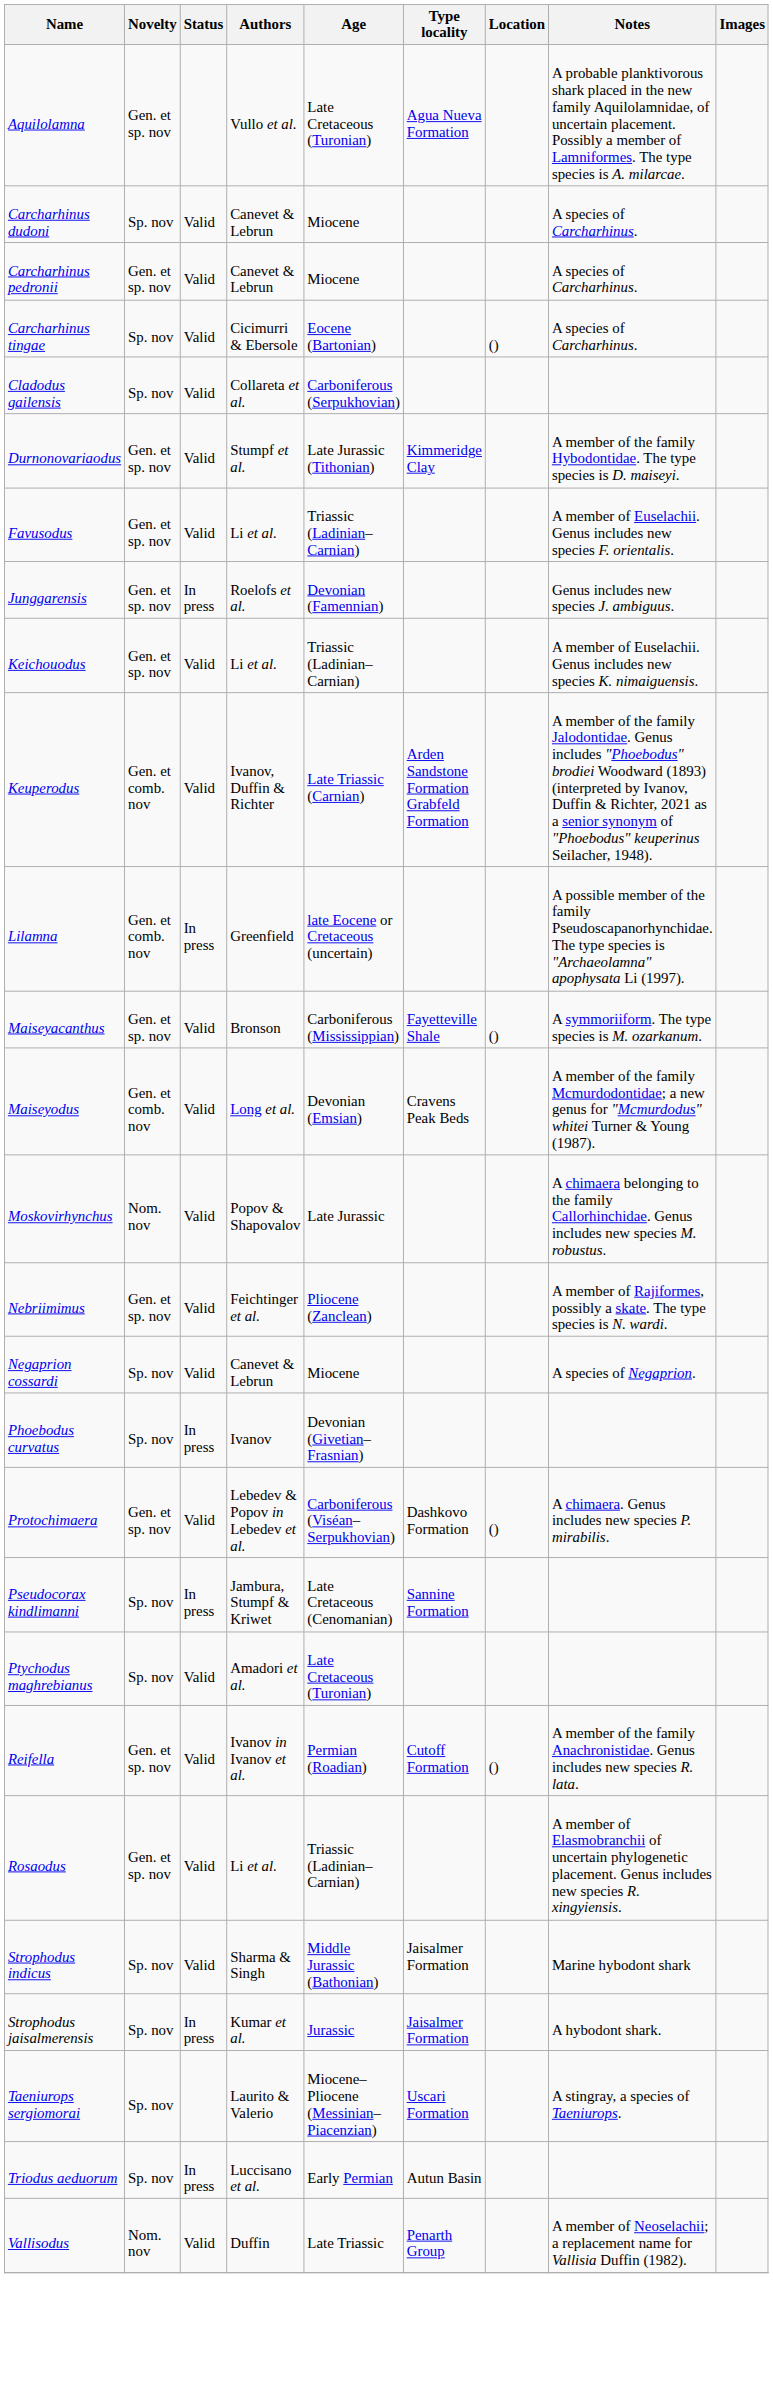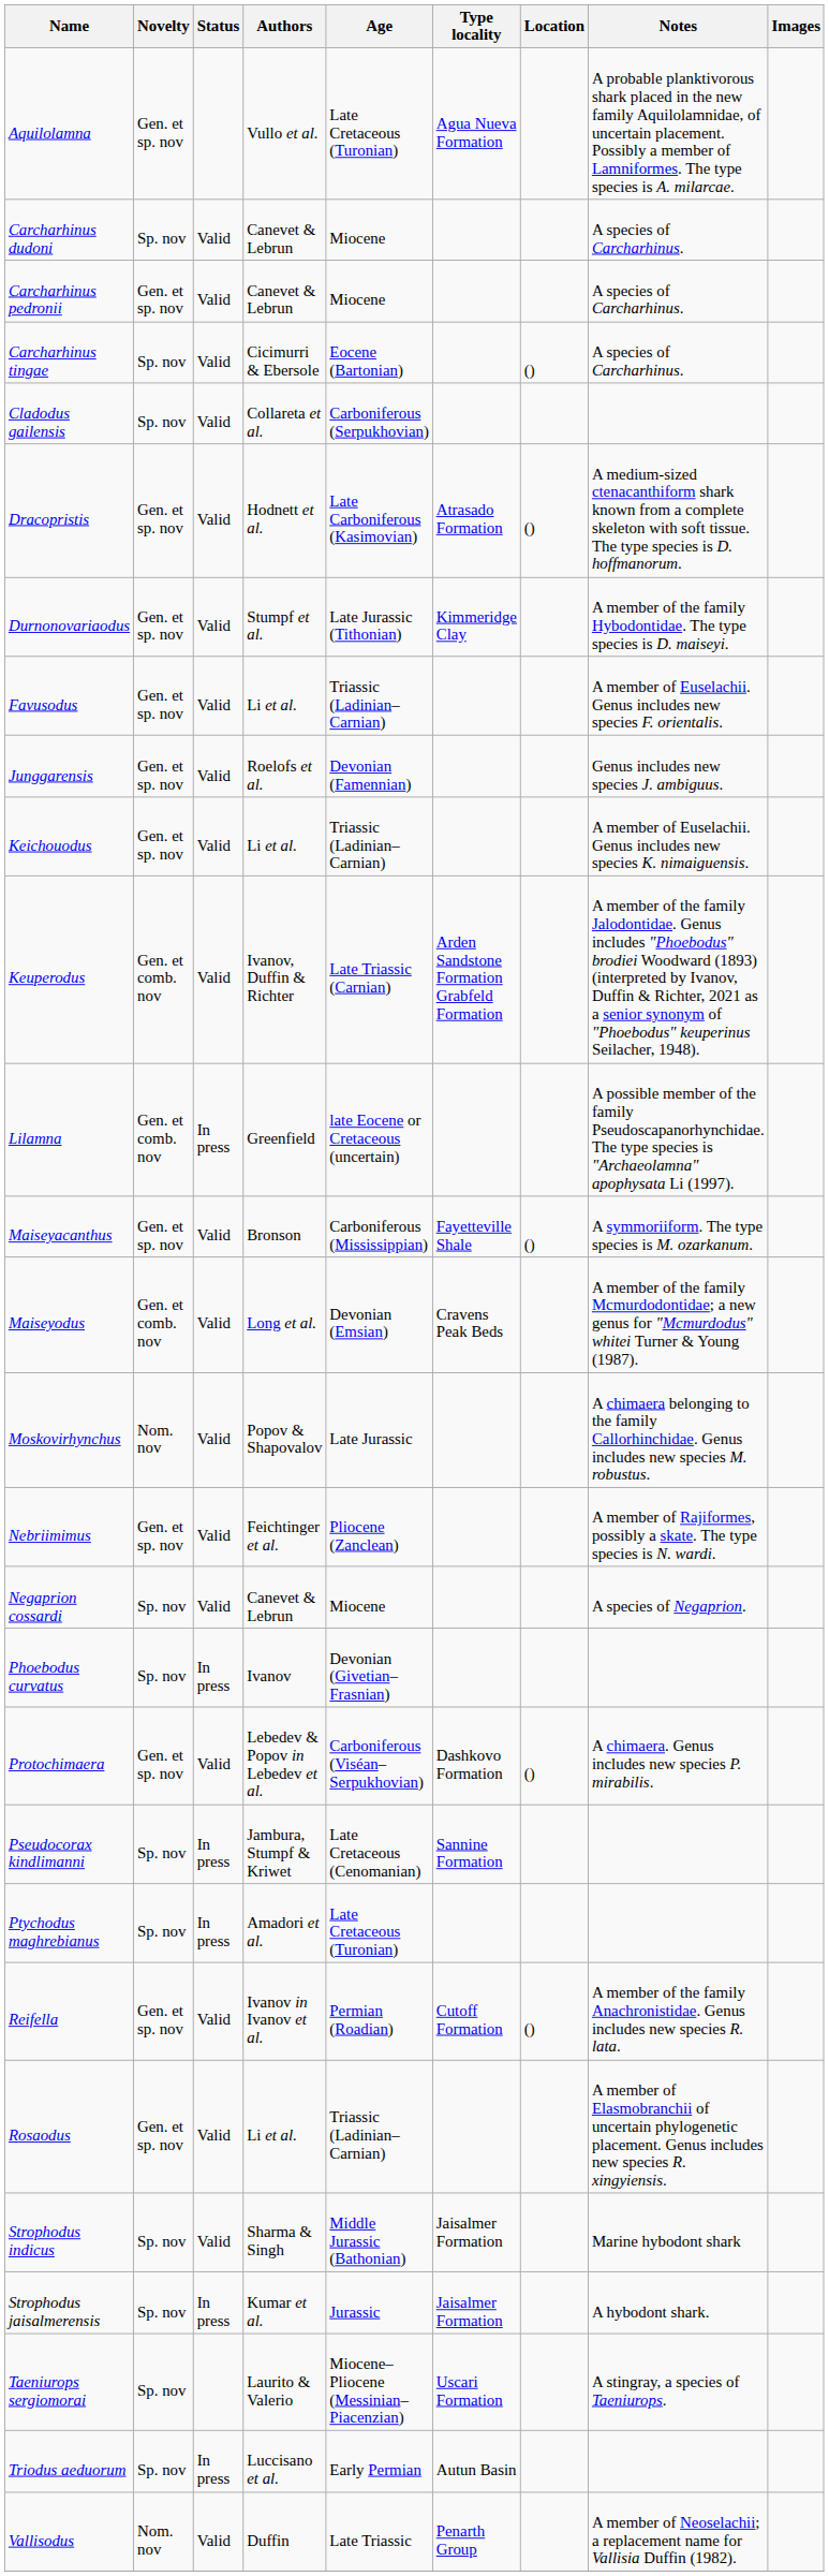 <table class="wikitable sortable" align="center" width="100%">
 <tr>
 <th>Name</th>
 <th>Novelty</th>
 <th>Status</th>
 <th>Authors</th>
 <th>Age</th>
 <th>Type locality</th>
 <th>Location</th>
 <th>Notes</th>
 <th>Images</th>
 </tr>
 <tr>
 <td><br><em><a href='#'>Aquilolamna</a></em></td>
 <td><br>Gen. et sp. nov</td>
 <td></td>
 <td><br>Vullo <em>et al.</em></td>
 <td><br>Late Cretaceous (<a href='#'>Turonian</a>)</td>
 <td><br><a href='#'>Agua Nueva Formation</a></td>
 <td><br></td>
 <td><br>A probable planktivorous shark placed in the new family Aquilolamnidae, of uncertain  placement. Possibly a member of <a href='#'>Lamniformes</a>. The type species is <em>A. milarcae</em>.</td>
 <td></td>
 </tr>
 <tr>
 <td><br><em><a href='#'>Carcharhinus dudoni</a></em></td>
 <td><br>Sp. nov</td>
 <td><br>Valid</td>
 <td><br>Canevet & Lebrun</td>
 <td><br>Miocene</td>
 <td></td>
 <td><br></td>
 <td><br>A species of <em><a href='#'>Carcharhinus</a></em>.</td>
 <td></td>
 </tr>
 <tr>
 <td><br><em><a href='#'>Carcharhinus pedronii</a></em></td>
 <td><br>Gen. et sp. nov</td>
 <td><br>Valid</td>
 <td><br>Canevet & Lebrun</td>
 <td><br>Miocene</td>
 <td></td>
 <td><br></td>
 <td><br>A species of <em>Carcharhinus</em>.</td>
 <td></td>
 </tr>
 <tr>
 <td><br><em><a href='#'>Carcharhinus tingae</a></em></td>
 <td><br>Sp. nov</td>
 <td><br>Valid</td>
 <td><br>Cicimurri & Ebersole</td>
 <td><br><a href='#'>Eocene</a> (<a href='#'>Bartonian</a>)</td>
 <td></td>
 <td><br><br>()</td>
 <td><br>A species of <em>Carcharhinus</em>.</td>
 <td></td>
 </tr>
 <tr>
 <td><br><em><a href='#'>Cladodus gailensis</a></em></td>
 <td><br>Sp. nov</td>
 <td><br>Valid</td>
 <td><br>Collareta <em>et al.</em></td>
 <td><br><a href='#'>Carboniferous</a> (<a href='#'>Serpukhovian</a>)</td>
 <td></td>
 <td><br></td>
 <td></td>
 <td></td>
 </tr>
 <tr>
+<td><br><em><a href='#'>Dracopristis</a></em></td>
+<td><br>Gen. et sp. nov</td>
+<td><br>Valid</td>
+<td><br>Hodnett <em>et al.</em></td>
+<td><br><a href='#'>Late Carboniferous</a> (<a href='#'>Kasimovian</a>)</td>
+<td><br><a href='#'>Atrasado Formation</a></td>
+<td><br><br>()</td>
+<td><br>A medium-sized <a href='#'>ctenacanthiform</a> shark known from a complete skeleton with soft tissue. The type species is <em>D. hoffmanorum</em>.</td>
+<td></td>
+</tr>
+<tr>
 <td><br><em><a href='#'>Durnonovariaodus</a></em></td>
 <td><br>Gen. et sp. nov</td>
 <td><br>Valid</td>
 <td><br>Stumpf <em>et al.</em></td>
 <td><br>Late Jurassic (<a href='#'>Tithonian</a>)</td>
 <td><br><a href='#'>Kimmeridge Clay</a></td>
 <td><br></td>
 <td><br>A member of the family <a href='#'>Hybodontidae</a>. The type species is <em>D. maiseyi</em>.</td>
 <td></td>
 </tr>
 <tr>
 <td><br><em><a href='#'>Favusodus</a></em></td>
 <td><br>Gen. et sp. nov</td>
 <td><br>Valid</td>
 <td><br>Li <em>et al.</em></td>
 <td><br>Triassic (<a href='#'>Ladinian</a>–<a href='#'>Carnian</a>)</td>
 <td></td>
 <td><br></td>
 <td><br>A member of <a href='#'>Euselachii</a>. Genus includes new species <em>F. orientalis</em>.</td>
 <td></td>
 </tr>
 <tr>
 <td><br><em><a href='#'>Junggarensis</a></em></td>
 <td><br>Gen. et sp. nov</td>
-<td><br>In press</td>
+<td><br>Valid</td>
 <td><br>Roelofs <em>et al.</em></td>
 <td><br><a href='#'>Devonian</a> (<a href='#'>Famennian</a>)</td>
 <td></td>
 <td><br></td>
 <td><br>Genus includes new species <em>J. ambiguus</em>.</td>
 <td></td>
 </tr>
 <tr>
 <td><br><em><a href='#'>Keichouodus</a></em></td>
 <td><br>Gen. et sp. nov</td>
 <td><br>Valid</td>
 <td><br>Li <em>et al.</em></td>
 <td><br>Triassic (Ladinian–Carnian)</td>
 <td></td>
 <td><br></td>
 <td><br>A member of Euselachii. Genus includes new species <em>K. nimaiguensis</em>.</td>
 <td></td>
 </tr>
 <tr>
 <td><br><em><a href='#'>Keuperodus</a></em></td>
 <td><br>Gen. et comb. nov</td>
 <td><br>Valid</td>
 <td><br>Ivanov, Duffin & Richter</td>
 <td><br><a href='#'>Late Triassic</a> (<a href='#'>Carnian</a>)</td>
 <td><br><a href='#'>Arden Sandstone Formation</a><br> <a href='#'>Grabfeld Formation</a></td>
 <td><br><br> </td>
 <td><br>A member of the family <a href='#'>Jalodontidae</a>. Genus includes <em>"<a href='#'>Phoebodus</a>" brodiei</em> Woodward (1893) (interpreted by Ivanov, Duffin & Richter, 2021 as a <a href='#'>senior synonym</a> of <em>"Phoebodus" keuperinus</em> Seilacher, 1948).</td>
 <td></td>
 </tr>
 <tr>
 <td><br><em><a href='#'>Lilamna</a></em></td>
 <td><br>Gen. et comb. nov</td>
 <td><br>In press</td>
 <td><br>Greenfield</td>
 <td><br><a href='#'>late Eocene</a> or <a href='#'>Cretaceous</a> (uncertain)</td>
 <td></td>
 <td><br></td>
 <td><br>A possible member of the family Pseudoscapanorhynchidae. The type species is <em>"Archaeolamna" apophysata</em> Li (1997).</td>
 <td></td>
 </tr>
 <tr>
 <td><br><em><a href='#'>Maiseyacanthus</a></em></td>
 <td><br>Gen. et sp. nov</td>
 <td><br>Valid</td>
 <td><br>Bronson</td>
 <td><br>Carboniferous (<a href='#'>Mississippian</a>)</td>
 <td><br><a href='#'>Fayetteville Shale</a></td>
 <td><br><br>()</td>
 <td><br>A <a href='#'>symmoriiform</a>. The type species is <em>M. ozarkanum</em>.</td>
 <td></td>
 </tr>
 <tr>
 <td><br><em><a href='#'>Maiseyodus</a></em></td>
 <td><br>Gen. et comb. nov</td>
 <td><br>Valid</td>
 <td><br><a href='#'>Long</a> <em>et al.</em></td>
 <td><br>Devonian (<a href='#'>Emsian</a>)</td>
 <td><br>Cravens Peak Beds</td>
 <td><br></td>
 <td><br>A member of the family <a href='#'>Mcmurdodontidae</a>; a new genus for <em>"<a href='#'>Mcmurdodus</a>" whitei</em> Turner & Young (1987).</td>
 <td></td>
 </tr>
 <tr>
 <td><br><em><a href='#'>Moskovirhynchus</a></em></td>
 <td><br>Nom. nov</td>
 <td><br>Valid</td>
 <td><br>Popov & Shapovalov</td>
 <td><br>Late Jurassic</td>
 <td></td>
 <td><br></td>
 <td><br>A <a href='#'>chimaera</a> belonging to the family <a href='#'>Callorhinchidae</a>. Genus includes new species <em>M. robustus</em>.</td>
 <td></td>
 </tr>
 <tr>
 <td><br><em><a href='#'>Nebriimimus</a></em></td>
 <td><br>Gen. et sp. nov</td>
 <td><br>Valid</td>
 <td><br>Feichtinger <em>et al.</em></td>
 <td><br><a href='#'>Pliocene</a> (<a href='#'>Zanclean</a>)</td>
 <td></td>
 <td><br></td>
 <td><br>A member of <a href='#'>Rajiformes</a>, possibly a <a href='#'>skate</a>. The type species is <em>N. wardi</em>.</td>
 <td></td>
 </tr>
 <tr>
 <td><br><em><a href='#'>Negaprion cossardi</a></em></td>
 <td><br>Sp. nov</td>
 <td><br>Valid</td>
 <td><br>Canevet & Lebrun</td>
 <td><br>Miocene</td>
 <td></td>
 <td><br></td>
 <td><br>A species of <em><a href='#'>Negaprion</a></em>.</td>
 <td></td>
 </tr>
 <tr>
 <td><br><em><a href='#'>Phoebodus curvatus</a></em></td>
 <td><br>Sp. nov</td>
 <td><br>In press</td>
 <td><br>Ivanov</td>
 <td><br>Devonian (<a href='#'>Givetian</a>–<a href='#'>Frasnian</a>)</td>
 <td></td>
 <td><br><br> <br> </td>
 <td></td>
 <td></td>
 </tr>
 <tr>
 <td><br><em><a href='#'>Protochimaera</a></em></td>
 <td><br>Gen. et sp. nov</td>
 <td><br>Valid</td>
 <td><br>Lebedev & Popov <em>in</em> Lebedev <em>et al.</em></td>
 <td><br><a href='#'>Carboniferous</a> (<a href='#'>Viséan</a>–<a href='#'>Serpukhovian</a>)</td>
 <td><br>Dashkovo Formation</td>
 <td><br><br>()</td>
 <td><br>A <a href='#'>chimaera</a>. Genus includes new species <em>P. mirabilis</em>.</td>
 <td></td>
 </tr>
 <tr>
 <td><br><em><a href='#'>Pseudocorax kindlimanni</a></em></td>
 <td><br>Sp. nov</td>
 <td><br>In press</td>
 <td><br>Jambura, Stumpf & Kriwet</td>
 <td><br>Late Cretaceous (Cenomanian)</td>
 <td><br><a href='#'>Sannine Formation</a></td>
 <td><br></td>
 <td></td>
 <td></td>
 </tr>
 <tr>
 <td><br><em><a href='#'>Ptychodus maghrebianus</a></em></td>
 <td><br>Sp. nov</td>
-<td><br>Valid</td>
+<td><br>In press</td>
 <td><br>Amadori <em>et al.</em></td>
 <td><br><a href='#'>Late Cretaceous</a> (<a href='#'>Turonian</a>)</td>
 <td></td>
 <td><br></td>
 <td></td>
 <td></td>
 </tr>
 <tr>
 <td><br><em><a href='#'>Reifella</a></em></td>
 <td><br>Gen. et sp. nov</td>
 <td><br>Valid</td>
 <td><br>Ivanov <em>in</em> Ivanov <em>et al.</em></td>
 <td><br><a href='#'>Permian</a> (<a href='#'>Roadian</a>)</td>
 <td><br><a href='#'>Cutoff Formation</a></td>
 <td><br><br>()</td>
 <td><br>A member of the family <a href='#'>Anachronistidae</a>. Genus includes new species <em>R. lata</em>.</td>
 <td></td>
 </tr>
 <tr>
 <td><br><em><a href='#'>Rosaodus</a></em></td>
 <td><br>Gen. et sp. nov</td>
 <td><br>Valid</td>
 <td><br>Li <em>et al.</em></td>
 <td><br>Triassic (Ladinian–Carnian)</td>
 <td></td>
 <td><br></td>
 <td><br>A member of <a href='#'>Elasmobranchii</a> of uncertain phylogenetic placement. Genus includes new species <em>R. xingyiensis</em>.</td>
 <td></td>
 </tr>
 <tr>
 <td><br><em><a href='#'>Strophodus indicus</a></em></td>
 <td><br>Sp. nov</td>
 <td><br>Valid</td>
 <td><br>Sharma & Singh</td>
 <td><br><a href='#'>Middle Jurassic</a> (<a href='#'>Bathonian</a>)</td>
 <td>Jaisalmer Formation</td>
 <td><br></td>
 <td><br>Marine hybodont shark</td>
 <td></td>
 </tr>
 <tr>
 <td><br><em>Strophodus jaisalmerensis</em></td>
 <td><br>Sp. nov</td>
 <td><br>In press</td>
 <td><br>Kumar <em>et al.</em></td>
 <td><br><a href='#'>Jurassic</a></td>
 <td><br><a href='#'>Jaisalmer Formation</a></td>
 <td><br></td>
 <td><br>A hybodont shark.</td>
 <td></td>
 </tr>
 <tr>
 <td><br><em><a href='#'>Taeniurops sergiomorai</a></em></td>
 <td><br>Sp. nov</td>
 <td></td>
 <td><br>Laurito & Valerio</td>
 <td><br>Miocene–Pliocene (<a href='#'>Messinian</a>–<a href='#'>Piacenzian</a>)</td>
 <td><br><a href='#'>Uscari Formation</a></td>
 <td><br></td>
 <td><br>A stingray, a species of <em><a href='#'>Taeniurops</a></em>.</td>
 <td></td>
 </tr>
 <tr>
 <td><br><em><a href='#'>Triodus aeduorum</a></em></td>
 <td><br>Sp. nov</td>
 <td><br>In press</td>
 <td><br>Luccisano <em>et al.</em></td>
 <td><br>Early <a href='#'>Permian</a></td>
 <td><br>Autun Basin</td>
 <td><br></td>
 <td></td>
 <td></td>
 </tr>
 <tr>
 <td><br><em><a href='#'>Vallisodus</a></em></td>
 <td><br>Nom. nov</td>
 <td><br>Valid</td>
 <td><br>Duffin</td>
 <td><br>Late Triassic</td>
 <td><br><a href='#'>Penarth Group</a></td>
 <td><br></td>
 <td><br>A member of <a href='#'>Neoselachii</a>; a replacement name for <em>Vallisia</em> Duffin (1982).</td>
 <td></td>
 </tr>
 <tr>
 </tr>
 </table>
